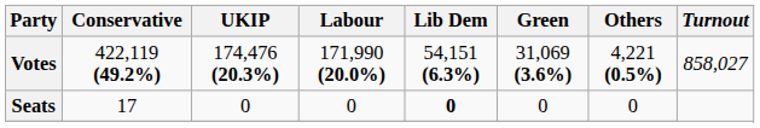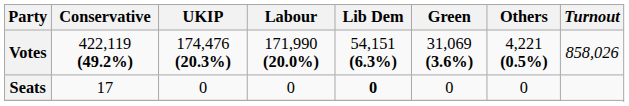 <table class="wikitable" style=text-align:center>
 <tr>
 <th>Party</th>
 <th style="background:">Conservative</th>
 <th style="background:">UKIP</th>
 <th style="background:">Labour</th>
 <th style="background:">Lib Dem</th>
 <th style="background:">Green</th>
 <th>Others</th>
 <th><em>Turnout</em></th>
 </tr>
 <tr class="nowrap"|>
 <th>Votes</th>
 <td>422,119 <strong>(49.2%)</strong></td>
 <td>174,476 <strong>(20.3%)</strong></td>
 <td>171,990 <strong>(20.0%)</strong></td>
 <td>54,151 <strong>(6.3%)</strong></td>
 <td>31,069 <strong>(3.6%)</strong></td>
 <td>4,221 <strong>(0.5%)</strong></td>
-<td><em>858,027</em></td>
+<td><em>858,026</em></td>
 </tr>
 <tr>
 <th>Seats</th>
 <td>17<br></td>
 <td>0<br></td>
 <td>0<br></td>
 <td><strong>0<br></strong></td>
 <td>0<br></td>
 <td>0<br></td>
 </tr>
 <tr>
 </tr>
 </table>
